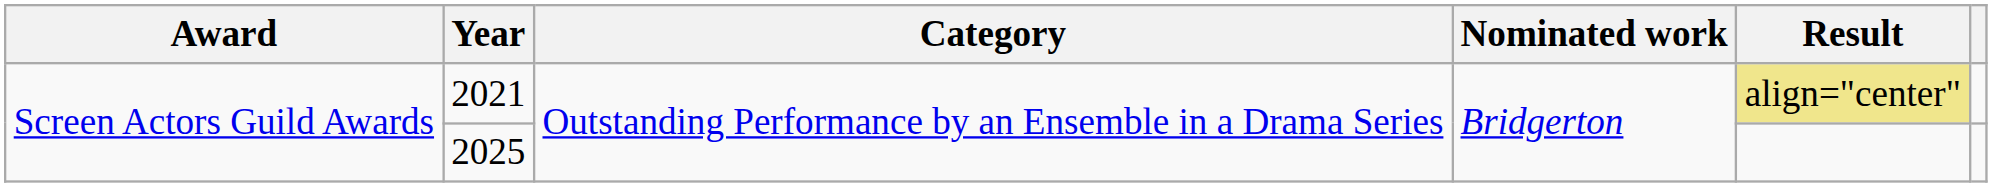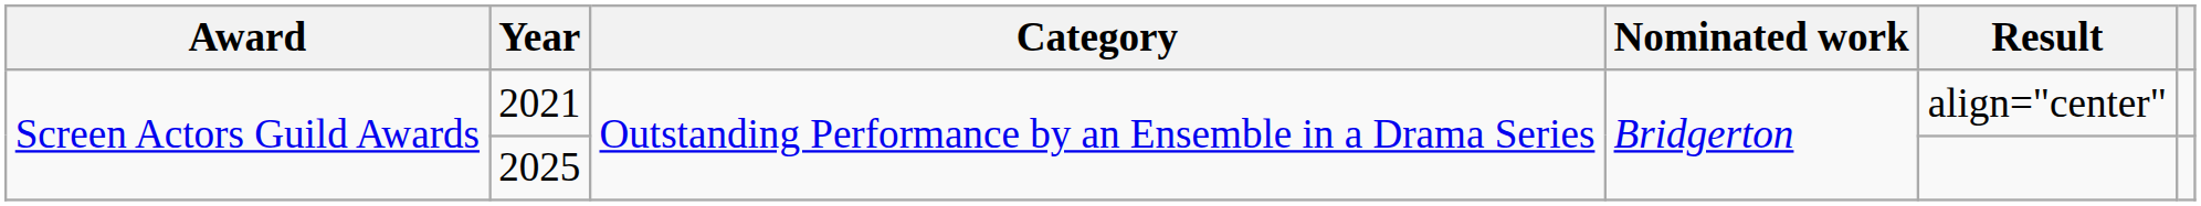 <table class="wikitable plainrowheaders sortable">
 <tr>
 <th>Award</th>
 <th>Year</th>
 <th>Category</th>
 <th>Nominated work</th>
 <th>Result</th>
 <th class="unsortable"></th>
 </tr>
 <tr>
 <td rowspan="2"><a href='#'>Screen Actors Guild Awards</a></td>
 <td>2021</td>
 <td rowspan="2"><a href='#'>Outstanding Performance by an Ensemble in a Drama Series</a></td>
 <td rowspan="2"><em><a href='#'>Bridgerton</a></em></td>
-<td style="background: khaki;">align="center"</td>
+<td>align="center"</td>
 <td></td>
 </tr>
 <tr>
 <td>2025</td>
 <td></td>
 <td></td>
 </tr>
 </table>
